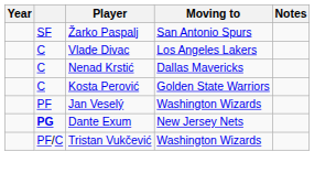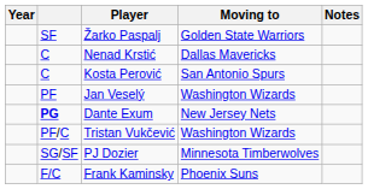 <table class="wikitable sortable" style="text-align: left;">
 <tr>
 <th>Year</th>
 <th></th>
 <th>Player</th>
 <th>Moving to</th>
 <th>Notes</th>
 </tr>
 <tr>
 <td></td>
 <td><a href='#'>SF</a></td>
 <td> <a href='#'>Žarko Paspalj</a></td>
-<td><a href='#'>San Antonio Spurs</a></td>
-<td></td>
-</tr>
-<tr>
-<td></td>
-<td><a href='#'>C</a></td>
-<td> <a href='#'>Vlade Divac</a></td>
-<td><a href='#'>Los Angeles Lakers</a></td>
+<td><a href='#'>Golden State Warriors</a></td>
 <td></td>
 </tr>
 <tr>
 <td></td>
 <td><a href='#'>C</a></td>
 <td> <a href='#'>Nenad Krstić</a></td>
 <td><a href='#'>Dallas Mavericks</a></td>
 <td></td>
 </tr>
 <tr>
 <td></td>
 <td><a href='#'>C</a></td>
 <td> <a href='#'>Kosta Perović</a></td>
-<td><a href='#'>Golden State Warriors</a></td>
+<td><a href='#'>San Antonio Spurs</a></td>
 <td></td>
 </tr>
 <tr>
 <td></td>
 <td><a href='#'>PF</a></td>
 <td> <a href='#'>Jan Veselý</a></td>
 <td><a href='#'>Washington Wizards</a></td>
 <td></td>
 </tr>
 <tr>
 <td></td>
 <td><strong><a href='#'>PG</a></strong></td>
 <td> <a href='#'>Dante Exum</a></td>
 <td><a href='#'>New Jersey Nets</a></td>
 <td></td>
 </tr>
 <tr>
 <td></td>
 <td><a href='#'>PF</a>/<a href='#'>C</a></td>
 <td> <a href='#'>Tristan Vukčević</a></td>
 <td><a href='#'>Washington Wizards</a></td>
 <td></td>
 </tr>
+<tr>
+<td></td>
+<td><a href='#'>SG</a>/<a href='#'>SF</a></td>
+<td> <a href='#'>PJ Dozier</a></td>
+<td><a href='#'>Minnesota Timberwolves</a></td>
+<td></td>
+</tr>
+<tr>
+<td></td>
+<td><a href='#'>F/C</a></td>
+<td> <a href='#'>Frank Kaminsky</a></td>
+<td><a href='#'>Phoenix Suns</a></td>
+<td></td>
+</tr>
 </table>
